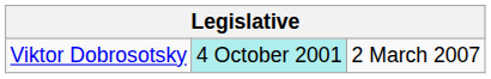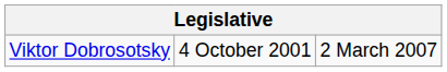 <table class="wikitable sortable">
 <tr>
 <th colspan=3>Legislative</th>
 </tr>
 <tr>
 <td><a href='#'>Viktor Dobrosotsky</a></td>
-<td style="background: paleturquoise;">4 October 2001</td>
+<td>4 October 2001</td>
 <td>2 March 2007</td>
 </tr>
 </table>
